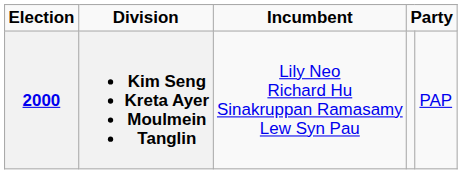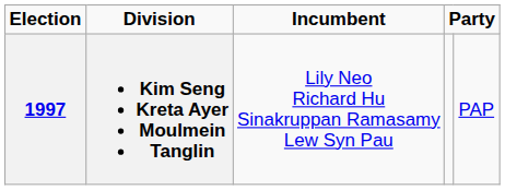 <table class="wikitable" align="center" style="text-align:center">
 <tr>
 <td><strong>Election </strong></td>
 <td><strong>Division </strong></td>
 <td><strong>Incumbent</strong></td>
 <td colspan="2"><strong>Party</strong></td>
 </tr>
 <tr>
-<th><a href='#'>2000</a></th>
+<th><a href='#'>1997</a></th>
 <th><br><ul><li>Kim Seng</li><li>Kreta Ayer</li><li>Moulmein</li><li>Tanglin</li></ul></th>
 <td><a href='#'>Lily Neo</a><br><a href='#'>Richard Hu</a><br><a href='#'>Sinakruppan Ramasamy</a><br><a href='#'>Lew Syn Pau</a></td>
 <td rowspan="5"></td>
 <td><a href='#'>PAP</a></td>
 </tr>
 </table>
